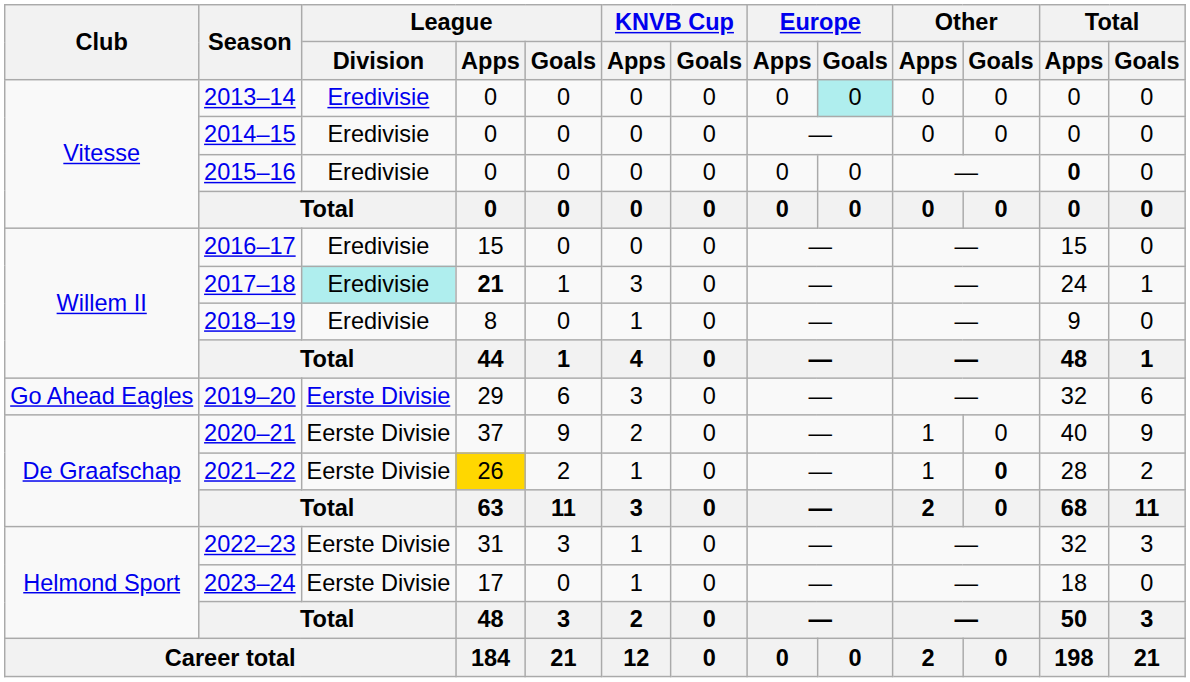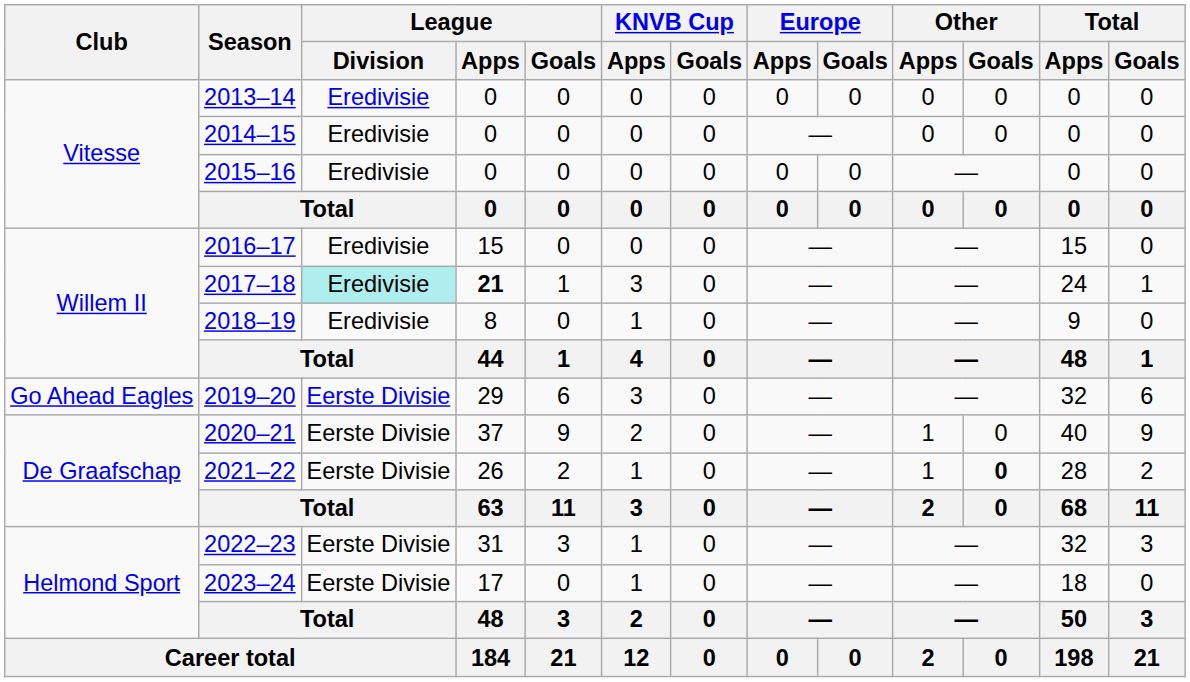 <table class="wikitable" style="text-align:center">
 <tr>
 <th rowspan="2">Club</th>
 <th rowspan="2">Season</th>
 <th colspan="3">League</th>
 <th colspan="2"><a href='#'>KNVB Cup</a></th>
 <th colspan="2"><a href='#'>Europe</a></th>
 <th colspan="2">Other</th>
 <th colspan="2">Total</th>
 </tr>
 <tr>
 <th>Division</th>
 <th>Apps</th>
 <th>Goals</th>
 <th>Apps</th>
 <th>Goals</th>
 <th>Apps</th>
 <th>Goals</th>
 <th>Apps</th>
 <th>Goals</th>
 <th>Apps</th>
 <th>Goals</th>
 </tr>
 <tr>
 <td rowspan="4"><a href='#'>Vitesse</a></td>
 <td><a href='#'>2013–14</a></td>
 <td><a href='#'>Eredivisie</a></td>
 <td>0</td>
 <td>0</td>
 <td>0</td>
 <td>0</td>
 <td>0</td>
-<td style="background: paleturquoise;">0</td>
+<td>0</td>
 <td>0</td>
 <td>0</td>
 <td>0</td>
 <td>0</td>
 </tr>
 <tr>
 <td><a href='#'>2014–15</a></td>
 <td>Eredivisie</td>
 <td>0</td>
 <td>0</td>
 <td>0</td>
 <td>0</td>
 <td colspan="2">—</td>
 <td>0</td>
 <td>0</td>
 <td>0</td>
 <td>0</td>
 </tr>
 <tr>
 <td><a href='#'>2015–16</a></td>
 <td>Eredivisie</td>
 <td>0</td>
 <td>0</td>
 <td>0</td>
 <td>0</td>
 <td>0</td>
 <td>0</td>
 <td colspan="2">—</td>
-<td><strong>0</strong></td>
+<td>0</td>
 <td>0</td>
 </tr>
 <tr>
 <th colspan="2">Total</th>
 <th>0</th>
 <th>0</th>
 <th>0</th>
 <th>0</th>
 <th>0</th>
 <th>0</th>
 <th>0</th>
 <th>0</th>
 <th>0</th>
 <th>0</th>
 </tr>
 <tr>
 <td rowspan="4"><a href='#'>Willem II</a></td>
 <td><a href='#'>2016–17</a></td>
 <td>Eredivisie</td>
 <td>15</td>
 <td>0</td>
 <td>0</td>
 <td>0</td>
 <td colspan="2">—</td>
 <td colspan="2">—</td>
 <td>15</td>
 <td>0</td>
 </tr>
 <tr>
 <td><a href='#'>2017–18</a></td>
 <td style="background: paleturquoise;">Eredivisie</td>
 <td><strong>21</strong></td>
 <td>1</td>
 <td>3</td>
 <td>0</td>
 <td colspan="2">—</td>
 <td colspan="2">—</td>
 <td>24</td>
 <td>1</td>
 </tr>
 <tr>
 <td><a href='#'>2018–19</a></td>
 <td>Eredivisie</td>
 <td>8</td>
 <td>0</td>
 <td>1</td>
 <td>0</td>
 <td colspan="2">—</td>
 <td colspan="2">—</td>
 <td>9</td>
 <td>0</td>
 </tr>
 <tr>
 <th colspan="2">Total</th>
 <th>44</th>
 <th>1</th>
 <th>4</th>
 <th>0</th>
 <th colspan="2">—</th>
 <th colspan="2">—</th>
 <th>48</th>
 <th>1</th>
 </tr>
 <tr>
 <td rowspan="1"><a href='#'>Go Ahead Eagles</a></td>
 <td><a href='#'>2019–20</a></td>
 <td><a href='#'>Eerste Divisie</a></td>
 <td>29</td>
 <td>6</td>
 <td>3</td>
 <td>0</td>
 <td colspan="2">—</td>
 <td colspan="2">—</td>
 <td>32</td>
 <td>6</td>
 </tr>
 <tr>
 <td rowspan="3"><a href='#'>De Graafschap</a></td>
 <td><a href='#'>2020–21</a></td>
 <td>Eerste Divisie</td>
 <td>37</td>
 <td>9</td>
 <td>2</td>
 <td>0</td>
 <td colspan="2">—</td>
 <td>1</td>
 <td>0</td>
 <td>40</td>
 <td>9</td>
 </tr>
 <tr>
 <td><a href='#'>2021–22</a></td>
 <td>Eerste Divisie</td>
-<td style="background: gold;">26</td>
+<td>26</td>
 <td>2</td>
 <td>1</td>
 <td>0</td>
 <td colspan="2">—</td>
 <td>1</td>
 <td><strong>0</strong></td>
 <td>28</td>
 <td>2</td>
 </tr>
 <tr>
 <th colspan="2">Total</th>
 <th>63</th>
 <th>11</th>
 <th>3</th>
 <th>0</th>
 <th colspan="2">—</th>
 <th>2</th>
 <th>0</th>
 <th>68</th>
 <th>11</th>
 </tr>
 <tr>
 <td rowspan="3"><a href='#'>Helmond Sport</a></td>
 <td><a href='#'>2022–23</a></td>
 <td>Eerste Divisie</td>
 <td>31</td>
 <td>3</td>
 <td>1</td>
 <td>0</td>
 <td colspan="2">—</td>
 <td colspan="2">—</td>
 <td>32</td>
 <td>3</td>
 </tr>
 <tr>
 <td><a href='#'>2023–24</a></td>
 <td>Eerste Divisie</td>
 <td>17</td>
 <td>0</td>
 <td>1</td>
 <td>0</td>
 <td colspan="2">—</td>
 <td colspan="2">—</td>
 <td>18</td>
 <td>0</td>
 </tr>
 <tr>
 <th colspan="2">Total</th>
 <th>48</th>
 <th>3</th>
 <th>2</th>
 <th>0</th>
 <th colspan="2">—</th>
 <th colspan="2">—</th>
 <th>50</th>
 <th>3</th>
 </tr>
 <tr>
 <th colspan="3">Career total</th>
 <th>184</th>
 <th>21</th>
 <th>12</th>
 <th>0</th>
 <th>0</th>
 <th>0</th>
 <th>2</th>
 <th>0</th>
 <th>198</th>
 <th>21</th>
 </tr>
 </table>
